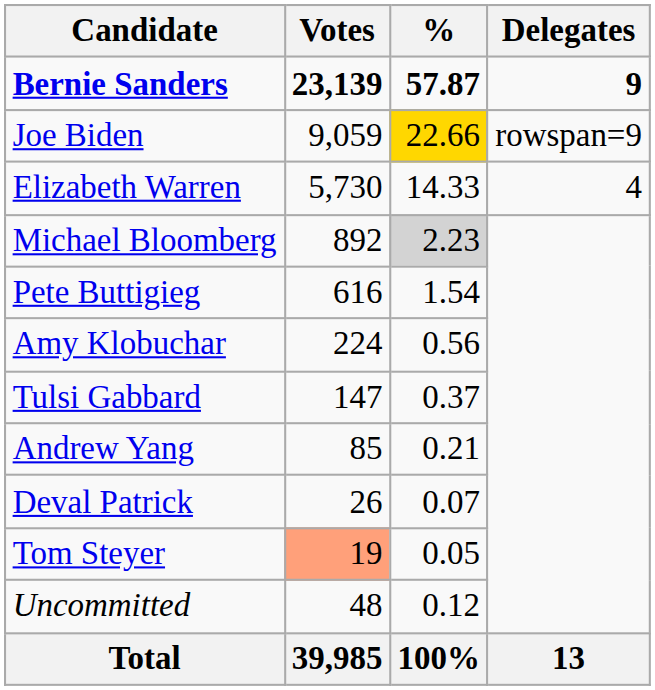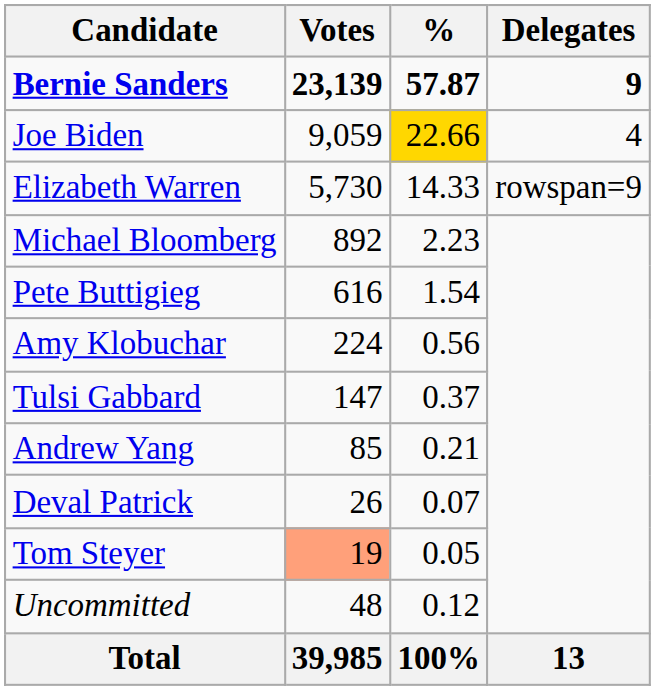 <table class="wikitable sortable">
 <tr>
 <th>Candidate</th>
 <th>Votes</th>
 <th>%</th>
 <th>Delegates</th>
 </tr>
 <tr>
 <td data-sort-value="Sanders, Bernie"><strong><a href='#'>Bernie Sanders</a></strong></td>
 <td style="text-align:right;"><strong>23,139</strong></td>
 <td style="text-align:right;"><strong>57.87</strong></td>
 <td style="text-align:right;"><strong>9</strong></td>
 </tr>
 <tr>
 <td data-sort-value="Biden, Joe"><a href='#'>Joe Biden</a></td>
 <td style="text-align:right;">9,059</td>
 <td style="background: gold; text-align:right;">22.66</td>
-<td>rowspan=9 </td>
+<td style="text-align:right;">4</td>
 </tr>
 <tr>
 <td data-sort-value="Warren, Elizabeth"><a href='#'>Elizabeth Warren</a> </td>
 <td style="text-align:right;">5,730</td>
 <td style="text-align:right;">14.33</td>
-<td style="text-align:right;">4</td>
+<td>rowspan=9 </td>
 </tr>
 <tr>
 <td data-sort-value="Bloomberg, Michael"><a href='#'>Michael Bloomberg</a> </td>
 <td style="text-align:right;">892</td>
-<td style="background: lightgrey; text-align:right;">2.23</td>
+<td style="text-align:right;">2.23</td>
 </tr>
 <tr>
 <td data-sort-value="Buttigieg, Pete"><a href='#'>Pete Buttigieg</a> </td>
 <td style="text-align:right;">616</td>
 <td style="text-align:right;">1.54</td>
 </tr>
 <tr>
 <td data-sort-value="Klobuchar, Amy"><a href='#'>Amy Klobuchar</a> </td>
 <td style="text-align:right;">224</td>
 <td style="text-align:right;">0.56</td>
 </tr>
 <tr>
 <td data-sort-value="Gabbard, Tulsi"><a href='#'>Tulsi Gabbard</a></td>
 <td style="text-align:right;">147</td>
 <td style="text-align:right;">0.37</td>
 </tr>
 <tr>
 <td data-sort-value="Yang, Andrew"><a href='#'>Andrew Yang</a> </td>
 <td style="text-align:right;">85</td>
 <td style="text-align:right;">0.21</td>
 </tr>
 <tr>
 <td data-sort-value="Patrick, Deval"><a href='#'>Deval Patrick</a> </td>
 <td style="text-align:right;">26</td>
 <td style="text-align:right;">0.07</td>
 </tr>
 <tr>
 <td data-sort-value="Steyer, Tom"><a href='#'>Tom Steyer</a> </td>
 <td style="background: lightsalmon; text-align:right;">19</td>
 <td style="text-align:right;">0.05</td>
 </tr>
 <tr>
 <td data-sort-value="ZZ"><em>Uncommitted</em></td>
 <td style="text-align:right;">48</td>
 <td style="text-align:right;">0.12</td>
 </tr>
 <tr>
 <th>Total</th>
 <th>39,985</th>
 <th>100%</th>
 <th>13</th>
 </tr>
 </table>
